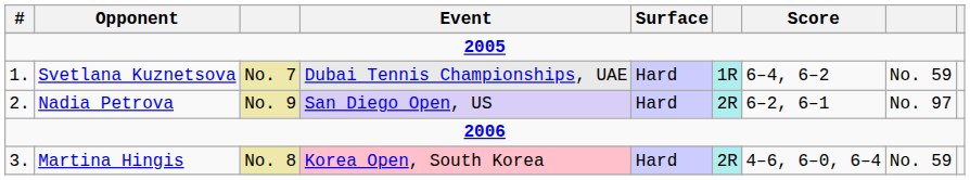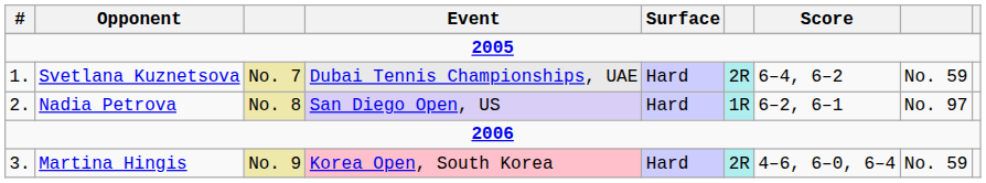 <table class="wikitable sortable">
 <tr>
 <th class="unsortable">#</th>
 <th>Opponent</th>
 <th></th>
 <th>Event</th>
 <th>Surface</th>
 <th class="unsortable"></th>
 <th class="unsortable">Score</th>
 <th class="unsortable"></th>
 <th class="unsortable"></th>
 </tr>
 <tr>
 </tr>
 <tr>
 <td colspan=9 style=text-align:center><a href='#'><strong>2005</strong></a></td>
 </tr>
 <tr>
 <td>1.</td>
 <td> <a href='#'>Svetlana Kuznetsova</a></td>
 <td bgcolor=eee8AA>No. 7</td>
 <td bgcolor=e9e9e9><a href='#'>Dubai Tennis Championships</a>, UAE</td>
 <td bgcolor=ccccff>Hard</td>
-<td bgcolor=afeeee>1R</td>
+<td bgcolor=afeeee>2R</td>
 <td>6–4, 6–2</td>
 <td>No. 59</td>
 <td align=center></td>
 </tr>
 <tr>
 <td>2.</td>
 <td> <a href='#'>Nadia Petrova</a></td>
-<td bgcolor=eee8aa>No. 9</td>
+<td bgcolor=eee8AA>No. 8</td>
 <td bgcolor=d8cef6><a href='#'>San Diego Open</a>, US</td>
 <td bgcolor=ccccff>Hard</td>
-<td bgcolor=afeeee>2R</td>
+<td bgcolor=afeeee>1R</td>
 <td>6–2, 6–1</td>
 <td>No. 97</td>
 <td align=center></td>
 </tr>
 <tr>
 <td colspan=9 style=text-align:center><a href='#'><strong>2006</strong></a></td>
 </tr>
 <tr>
 <td>3.</td>
 <td> <a href='#'>Martina Hingis</a></td>
-<td bgcolor=eee8AA>No. 8</td>
+<td bgcolor=eee8aa>No. 9</td>
 <td style="background: pink;"><a href='#'>Korea Open</a>, South Korea</td>
 <td bgcolor=ccccff>Hard</td>
 <td bgcolor=afeeee>2R</td>
 <td>4–6, 6–0, 6–4</td>
 <td>No. 59</td>
 <td align=center></td>
 </tr>
 </table>
